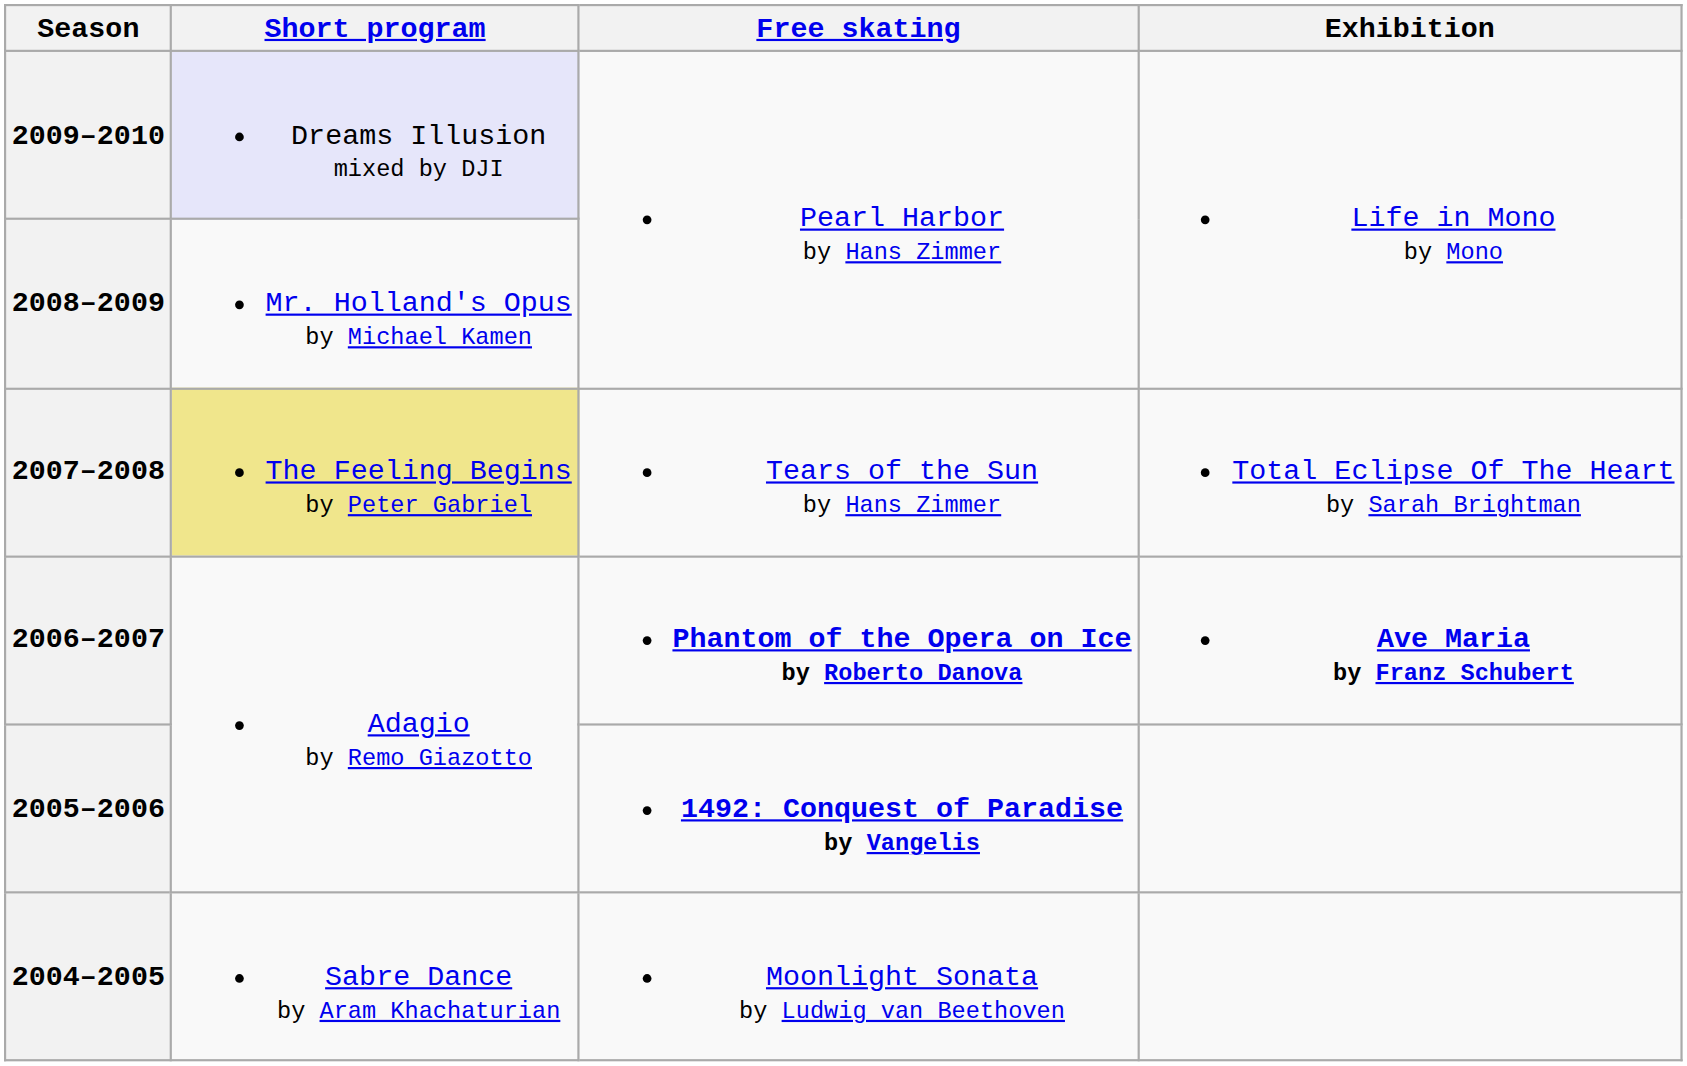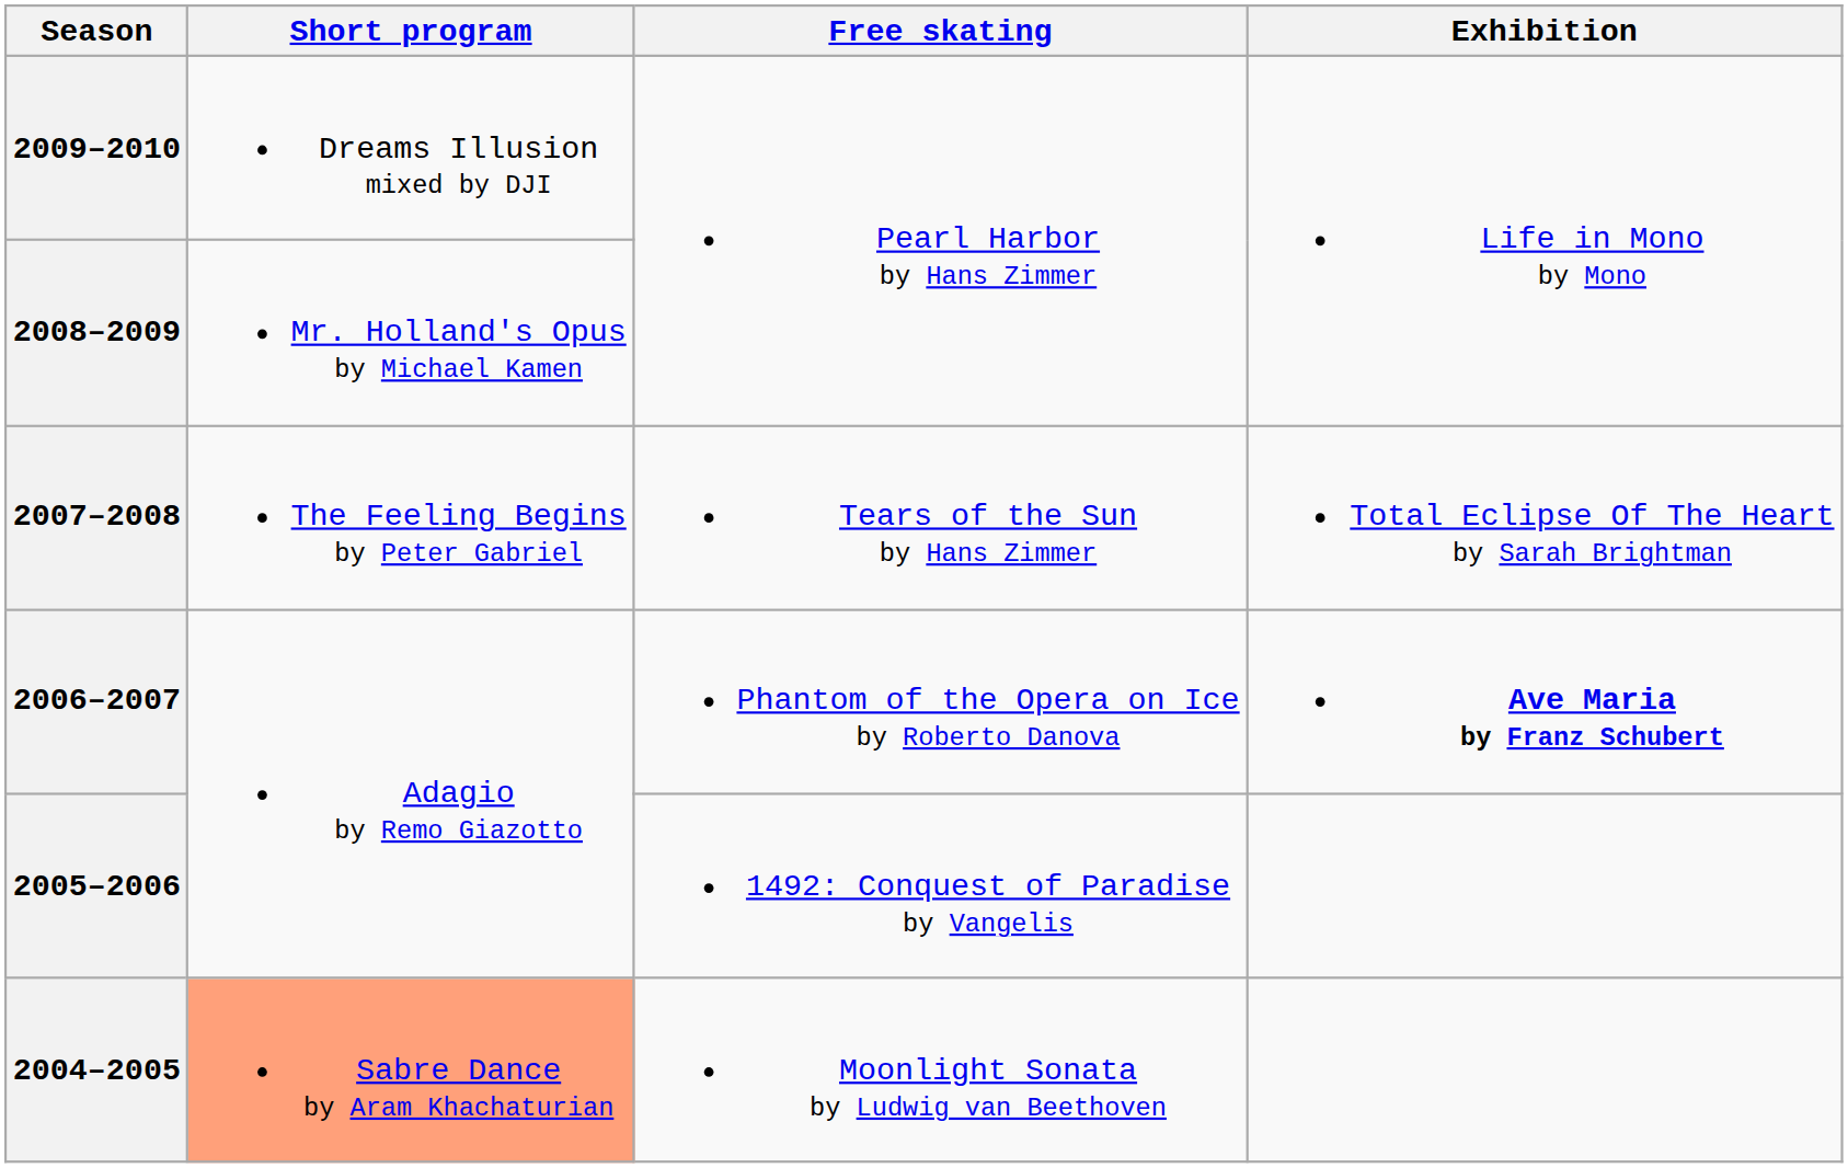 <table class="wikitable" style="text-align:center">
 <tr>
 <th>Season</th>
 <th><a href='#'>Short program</a></th>
 <th><a href='#'>Free skating</a></th>
 <th>Exhibition</th>
 </tr>
 <tr>
 <th>2009–2010 <br> </th>
-<td style="background: lavender;"><br><ul><li>Dreams Illusion <br><small>mixed by DJI </small></li></ul></td>
+<td><br><ul><li>Dreams Illusion <br><small>mixed by DJI </small></li></ul></td>
 <td rowspan=2><br><ul><li><a href='#'>Pearl Harbor</a> <br><small> by <a href='#'>Hans Zimmer</a> </small></li></ul></td>
 <td rowspan=2><br><ul><li><a href='#'>Life in Mono</a> <br><small> by <a href='#'>Mono</a> </small></li></ul></td>
 </tr>
 <tr>
 <th>2008–2009 <br> </th>
 <td><br><ul><li><a href='#'>Mr. Holland's Opus</a> <br><small> by <a href='#'>Michael Kamen</a></small></li></ul></td>
 </tr>
 <tr>
 <th>2007–2008 <br> </th>
-<td style="background: khaki;"><br><ul><li><a href='#'>The Feeling Begins</a> <br><small> by <a href='#'>Peter Gabriel</a></small></li></ul></td>
+<td><br><ul><li><a href='#'>The Feeling Begins</a> <br><small> by <a href='#'>Peter Gabriel</a></small></li></ul></td>
 <td><br><ul><li><a href='#'>Tears of the Sun</a> <br><small> by <a href='#'>Hans Zimmer</a> </small></li></ul></td>
 <td><br><ul><li><a href='#'>Total Eclipse Of The Heart</a> <br><small> by <a href='#'>Sarah Brightman</a> </small></li></ul></td>
 </tr>
 <tr>
 <th>2006–2007 <br> </th>
 <td rowspan=2><br><ul><li><a href='#'>Adagio</a> <br><small> by <a href='#'>Remo Giazotto</a></small></li></ul></td>
-<td><strong><br><ul><li><a href='#'>Phantom of the Opera on Ice</a> <br><small> by <a href='#'>Roberto Danova</a> </small></li></ul></strong></td>
+<td><br><ul><li><a href='#'>Phantom of the Opera on Ice</a> <br><small> by <a href='#'>Roberto Danova</a> </small></li></ul></td>
 <td><strong><br><ul><li><a href='#'>Ave Maria</a><br><small> by <a href='#'>Franz Schubert</a></small></li></ul></strong></td>
 </tr>
 <tr>
 <th>2005–2006 <br> </th>
-<td><strong><br><ul><li><a href='#'>1492: Conquest of Paradise</a> <br><small> by <a href='#'>Vangelis</a> </small></li></ul></strong></td>
+<td><br><ul><li><a href='#'>1492: Conquest of Paradise</a> <br><small> by <a href='#'>Vangelis</a> </small></li></ul></td>
 <td></td>
 </tr>
 <tr>
 <th>2004–2005 <br> </th>
-<td><br><ul><li><a href='#'>Sabre Dance</a> <br><small> by <a href='#'>Aram Khachaturian</a></small></li></ul></td>
+<td style="background: lightsalmon;"><br><ul><li><a href='#'>Sabre Dance</a> <br><small> by <a href='#'>Aram Khachaturian</a></small></li></ul></td>
 <td><br><ul><li><a href='#'>Moonlight Sonata</a> <br><small> by <a href='#'>Ludwig van Beethoven</a> </small></li></ul></td>
 <td></td>
 </tr>
 </table>
